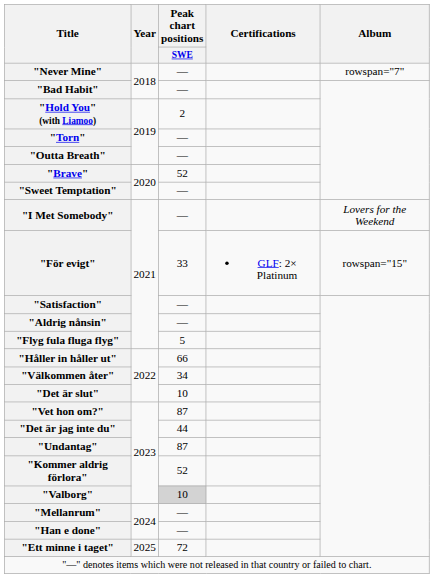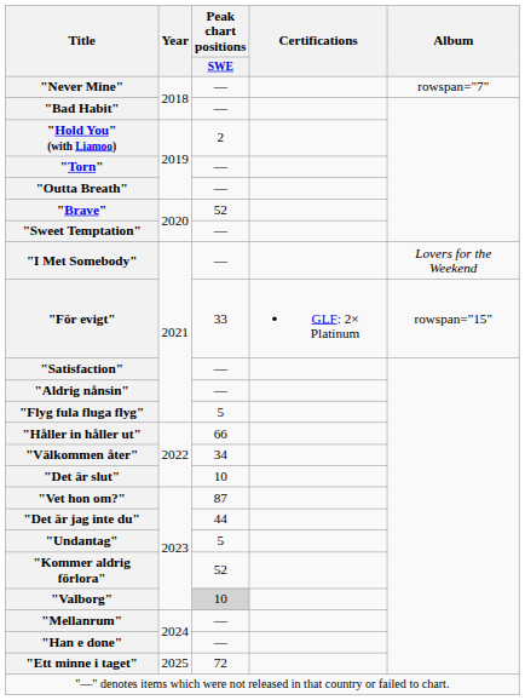 <table class="wikitable plainrowheaders" style="text-align:center;">
 <tr>
 <th scope="col" rowspan="2">Title</th>
 <th scope="col" rowspan="2">Year</th>
 <th scope="col" colspan="1">Peak chart positions</th>
 <th scope="col" rowspan="2">Certifications</th>
 <th scope="col" rowspan="2">Album</th>
 </tr>
 <tr>
 <th scope="col" style="width:3em;font-size:85%;"><a href='#'>SWE</a><br></th>
 </tr>
 <tr>
 <th scope="row">"Never Mine"</th>
 <td rowspan="2">2018</td>
 <td>—</td>
 <td></td>
 <td>rowspan="7" </td>
 </tr>
 <tr>
 <th scope="row">"Bad Habit"</th>
 <td>—</td>
 <td></td>
 </tr>
 <tr>
 <th scope="row">"<a href='#'>Hold You</a>"<br><small>(with <a href='#'>Liamoo</a>)</small></th>
 <td rowspan="3">2019</td>
 <td>2</td>
 <td></td>
 </tr>
 <tr>
 <th scope="row">"<a href='#'>Torn</a>"</th>
 <td>—</td>
 <td></td>
 </tr>
 <tr>
 <th scope="row">"Outta Breath"</th>
 <td>—</td>
 <td></td>
 </tr>
 <tr>
 <th scope="row">"<a href='#'>Brave</a>"</th>
 <td rowspan="2">2020</td>
 <td>52<br></td>
 <td></td>
 </tr>
 <tr>
 <th scope="row">"Sweet Temptation"</th>
 <td>—</td>
 <td></td>
 </tr>
 <tr>
 <th scope="row">"I Met Somebody"<br></th>
 <td rowspan="5">2021</td>
 <td>—</td>
 <td></td>
 <td><em>Lovers for the Weekend</em></td>
 </tr>
 <tr>
 <th scope="row">"För evigt"</th>
 <td>33</td>
 <td><br><ul><li><a href='#'>GLF</a>: 2× Platinum</li></ul></td>
 <td>rowspan="15" </td>
 </tr>
 <tr>
 <th scope="row">"Satisfaction"<br></th>
 <td>—</td>
 <td></td>
 </tr>
 <tr>
 <th scope="row">"Aldrig nånsin"</th>
 <td>—</td>
 <td></td>
 </tr>
 <tr>
 <th scope="row">"Flyg fula fluga flyg"</th>
 <td>5</td>
 <td></td>
 </tr>
 <tr>
 <th scope="row">"Håller in håller ut"</th>
 <td rowspan="3">2022</td>
 <td>66<br></td>
 <td></td>
 </tr>
 <tr>
 <th scope="row">"Välkommen åter"<br></th>
 <td>34<br></td>
 <td></td>
 </tr>
 <tr>
 <th scope="row">"Det är slut"</th>
 <td>10<br></td>
 <td></td>
 </tr>
 <tr>
 <th scope="row">"Vet hon om?"</th>
 <td rowspan="5">2023</td>
 <td>87<br></td>
 <td></td>
 </tr>
 <tr>
 <th scope="row">"Det är jag inte du"</th>
 <td>44<br></td>
 <td></td>
 </tr>
 <tr>
 <th scope="row">"Undantag"</th>
-<td>87<br></td>
+<td>5</td>
 <td></td>
 </tr>
 <tr>
 <th scope="row">"Kommer aldrig förlora"<br></th>
 <td>52<br></td>
 <td></td>
 </tr>
 <tr>
 <th scope="row">"Valborg"</th>
 <td style="background: lightgrey;">10<br></td>
 <td></td>
 </tr>
 <tr>
 <th scope="row">"Mellanrum"</th>
 <td rowspan="2">2024</td>
 <td>—</td>
 <td></td>
 </tr>
 <tr>
 <th scope="row">"Han e done"</th>
 <td>—</td>
 <td></td>
 </tr>
 <tr>
 <th scope="row">"Ett minne i taget"</th>
 <td>2025</td>
 <td>72<br></td>
 <td></td>
 </tr>
 <tr>
 <td colspan="5" style="font-size:90%;">"—" denotes items which were not released in that country or failed to chart.</td>
 </tr>
 </table>
